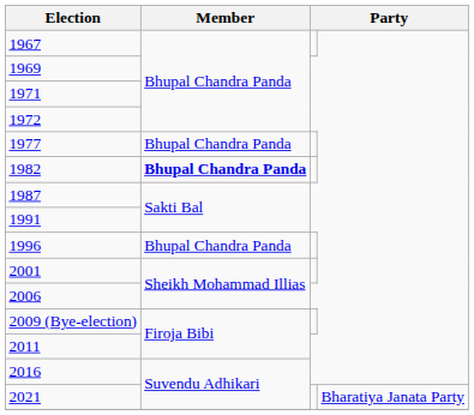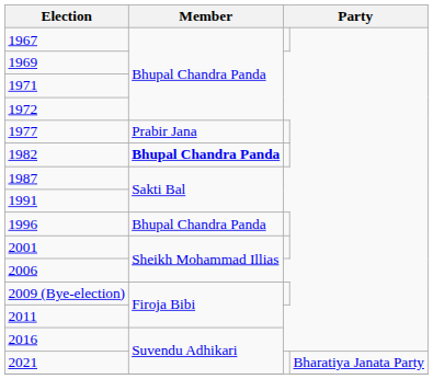 <table class="wikitable sortable">
 <tr>
 <th>Election</th>
 <th>Member</th>
 <th colspan="2">Party</th>
 </tr>
 <tr>
 <td><a href='#'>1967</a></td>
 <td rowspan=4><a href='#'>Bhupal Chandra Panda</a></td>
 <td></td>
 </tr>
 <tr>
 <td><a href='#'>1969</a></td>
 </tr>
 <tr>
 <td><a href='#'>1971</a></td>
 </tr>
 <tr>
 <td><a href='#'>1972</a></td>
 </tr>
 <tr>
 <td><a href='#'>1977</a></td>
-<td><a href='#'>Bhupal Chandra Panda</a></td>
+<td><a href='#'>Prabir Jana</a></td>
 <td></td>
 </tr>
 <tr>
 <td><a href='#'>1982</a></td>
 <td><strong><a href='#'>Bhupal Chandra Panda</a></strong></td>
 <td></td>
 </tr>
 <tr>
 <td><a href='#'>1987</a></td>
 <td rowspan=2><a href='#'>Sakti Bal</a></td>
 </tr>
 <tr>
 <td><a href='#'>1991</a></td>
 </tr>
 <tr>
 <td><a href='#'>1996</a></td>
 <td><a href='#'>Bhupal Chandra Panda</a></td>
 <td></td>
 </tr>
 <tr>
 <td><a href='#'>2001</a></td>
 <td rowspan=2><a href='#'>Sheikh Mohammad Illias</a></td>
 <td></td>
 </tr>
 <tr>
 <td><a href='#'>2006</a></td>
 </tr>
 <tr>
 <td><a href='#'>2009 (Bye-election)</a></td>
 <td rowspan=2><a href='#'>Firoja Bibi</a></td>
 <td></td>
 </tr>
 <tr>
 <td><a href='#'>2011</a></td>
 </tr>
 <tr>
 <td><a href='#'>2016</a></td>
 <td rowspan=2><a href='#'>Suvendu Adhikari</a></td>
 </tr>
 <tr>
 <td><a href='#'>2021</a></td>
 <td rowspan=3 style="background-color: "></td>
 <td><a href='#'>Bharatiya Janata Party</a></td>
 </tr>
 <tr>
 </tr>
 </table>
